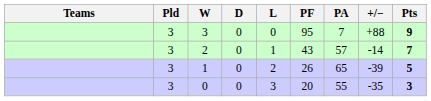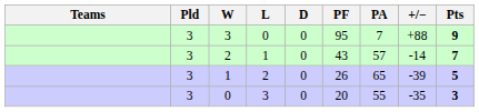 <table class="wikitable" style="text-align: center;">
 <tr>
 <th width="200">Teams</th>
 <th width="40">Pld</th>
 <th width="40">W</th>
+<th width="40">L</th>
 <th width="40">D</th>
-<th width="40">L</th>
 <th width="40">PF</th>
 <th width="40">PA</th>
 <th width="40">+/−</th>
 <th width="40">Pts</th>
 </tr>
 <tr bgcolor=ccffcc>
 <td align=left></td>
 <td>3</td>
 <td>3</td>
 <td>0</td>
 <td>0</td>
 <td>95</td>
 <td>7</td>
 <td>+88</td>
 <td><strong>9</strong></td>
 </tr>
 <tr bgcolor=ccffcc>
 <td align=left></td>
 <td>3</td>
 <td>2</td>
+<td>1</td>
 <td>0</td>
-<td>1</td>
 <td>43</td>
 <td>57</td>
 <td>-14</td>
 <td><strong>7</strong></td>
 </tr>
 <tr bgcolor=ccccff>
 <td align=left></td>
 <td>3</td>
 <td>1</td>
+<td>2</td>
 <td>0</td>
-<td>2</td>
 <td>26</td>
 <td>65</td>
 <td>-39</td>
 <td><strong>5</strong></td>
 </tr>
 <tr bgcolor=ccccff>
 <td align=left></td>
 <td>3</td>
 <td>0</td>
+<td>3</td>
 <td>0</td>
-<td>3</td>
 <td>20</td>
 <td>55</td>
 <td>-35</td>
 <td><strong>3</strong></td>
 </tr>
 </table>
